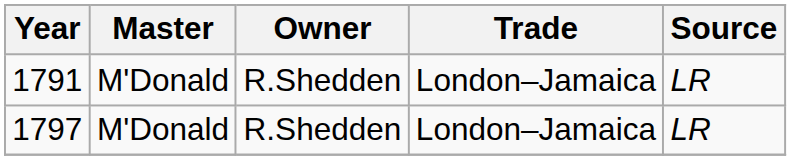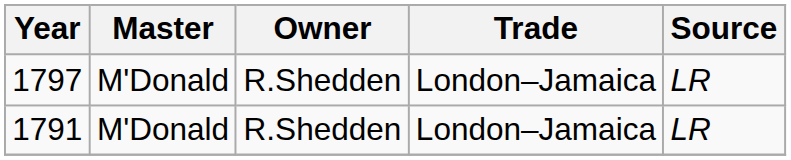 <table class=" wikitable">
 <tr>
 <th>Year</th>
 <th>Master</th>
 <th>Owner</th>
 <th>Trade</th>
 <th>Source</th>
 </tr>
 <tr>
-<td>1791</td>
+<td>1797</td>
 <td>M'Donald</td>
 <td>R.Shedden</td>
 <td>London–Jamaica</td>
 <td><em>LR</em></td>
 </tr>
 <tr>
-<td>1797</td>
+<td>1791</td>
 <td>M'Donald</td>
 <td>R.Shedden</td>
 <td>London–Jamaica</td>
 <td><em>LR</em></td>
 </tr>
 <tr>
 </tr>
 </table>
